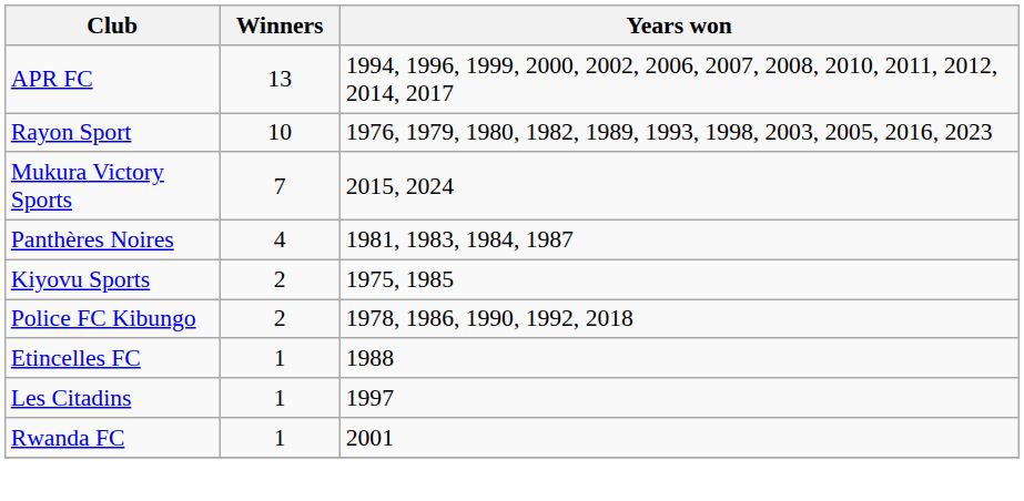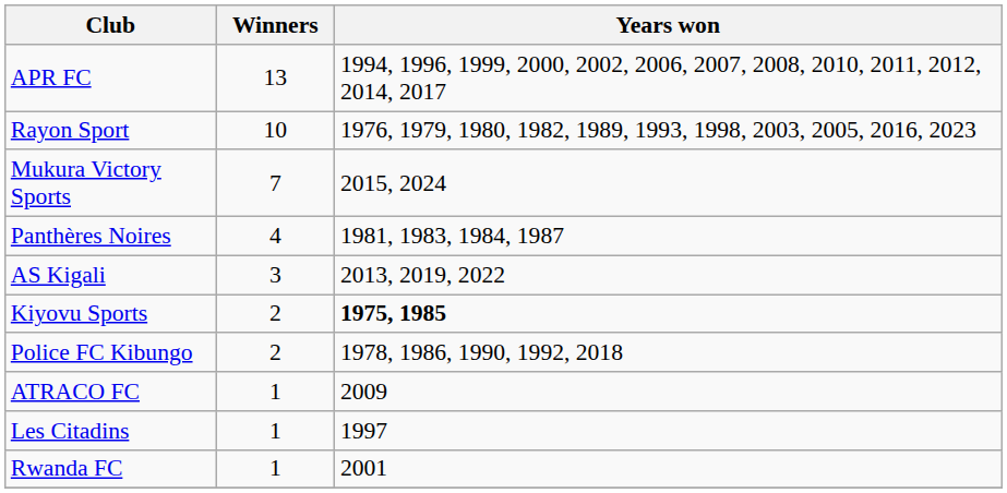 <table class="wikitable sortable" style="font-size: 90%;">
 <tr>
 <th class="unsortable">Club</th>
 <th width=66>Winners</th>
 <th class="unsortable">Years won</th>
 </tr>
 <tr>
 <td><a href='#'>APR FC</a></td>
 <td align=center>13</td>
 <td>1994, 1996, 1999, 2000, 2002, 2006, 2007, 2008, 2010, 2011, 2012, 2014, 2017</td>
 </tr>
 <tr>
 <td><a href='#'>Rayon Sport</a></td>
 <td align=center>10</td>
 <td>1976, 1979, 1980, 1982, 1989, 1993, 1998, 2003, 2005, 2016, 2023</td>
 </tr>
 <tr>
 <td><a href='#'>Mukura Victory Sports</a></td>
 <td align=center>7</td>
 <td>2015, 2024</td>
 </tr>
 <tr>
 <td><a href='#'>Panthères Noires</a></td>
 <td align=center>4</td>
 <td>1981, 1983, 1984, 1987</td>
 </tr>
 <tr>
+<td><a href='#'>AS Kigali</a></td>
+<td align=center>3</td>
+<td>2013, 2019, 2022</td>
+</tr>
+<tr>
 <td><a href='#'>Kiyovu Sports</a></td>
 <td align=center>2</td>
-<td>1975, 1985</td>
+<td><strong>1975, 1985</strong></td>
 </tr>
 <tr>
 <td><a href='#'>Police FC Kibungo</a></td>
 <td align=center>2</td>
 <td>1978, 1986, 1990, 1992, 2018</td>
 </tr>
 <tr>
-<td><a href='#'>Etincelles FC</a></td>
+<td><a href='#'>ATRACO FC</a></td>
 <td align=center>1</td>
-<td>1988</td>
+<td>2009</td>
 </tr>
 <tr>
 <td><a href='#'>Les Citadins</a></td>
 <td align=center>1</td>
 <td>1997</td>
 </tr>
 <tr>
 <td><a href='#'>Rwanda FC</a></td>
 <td align=center>1</td>
 <td>2001</td>
 </tr>
 <tr>
 </tr>
 </table>
